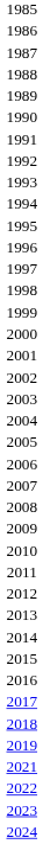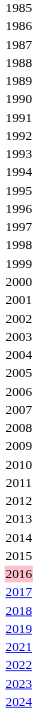 <table>
 <tr>
 <td align="center">1985</td>
 <td></td>
 <td></td>
 <td></td>
 </tr>
 <tr>
 <td align="center">1986</td>
 <td></td>
 <td></td>
 <td></td>
 </tr>
 <tr>
 <td align="center">1987</td>
 <td></td>
 <td></td>
 <td></td>
 </tr>
 <tr>
 <td align="center">1988</td>
 <td></td>
 <td></td>
 <td></td>
 </tr>
 <tr>
 <td align="center">1989</td>
 <td></td>
 <td></td>
 <td></td>
 </tr>
 <tr>
 <td align="center">1990</td>
 <td></td>
 <td></td>
 <td></td>
 </tr>
 <tr>
 <td align="center">1991</td>
 <td></td>
 <td></td>
 <td></td>
 </tr>
 <tr>
 <td align="center">1992</td>
 <td></td>
 <td></td>
 <td></td>
 </tr>
 <tr>
 <td align="center">1993</td>
 <td></td>
 <td></td>
 <td></td>
 </tr>
 <tr>
 <td align="center">1994</td>
 <td></td>
 <td></td>
 <td></td>
 </tr>
 <tr>
 <td align="center">1995</td>
 <td></td>
 <td></td>
 <td></td>
 </tr>
 <tr>
 <td align="center">1996</td>
 <td></td>
 <td></td>
 <td></td>
 </tr>
 <tr>
 <td align="center">1997</td>
 <td></td>
 <td></td>
 <td></td>
 </tr>
 <tr>
 <td align="center">1998</td>
 <td></td>
 <td></td>
 <td></td>
 </tr>
 <tr>
 <td align="center">1999</td>
 <td></td>
 <td></td>
 <td></td>
 </tr>
 <tr>
 <td align="center">2000</td>
 <td></td>
 <td></td>
 <td></td>
 </tr>
 <tr>
 <td align="center">2001</td>
 <td></td>
 <td></td>
 <td></td>
 </tr>
 <tr>
 <td align="center">2002</td>
 <td></td>
 <td></td>
 <td></td>
 </tr>
 <tr>
 <td align="center">2003</td>
 <td></td>
 <td></td>
 <td></td>
 </tr>
 <tr>
 <td align="center">2004</td>
 <td></td>
 <td></td>
 <td></td>
 </tr>
 <tr>
 <td align="center">2005</td>
 <td></td>
 <td></td>
 <td></td>
 </tr>
 <tr>
 <td align="center">2006</td>
 <td></td>
 <td></td>
 <td></td>
 </tr>
 <tr>
 <td align="center">2007</td>
 <td></td>
 <td></td>
 <td></td>
 </tr>
 <tr>
 <td align="center">2008</td>
 <td></td>
 <td></td>
 <td></td>
 </tr>
 <tr>
 <td align="center">2009</td>
 <td></td>
 <td></td>
 <td></td>
 </tr>
 <tr>
 <td align="center">2010</td>
 <td></td>
 <td></td>
 <td></td>
 </tr>
 <tr>
 <td align="center">2011</td>
 <td></td>
 <td></td>
 <td></td>
 </tr>
 <tr>
 <td align="center">2012</td>
 <td></td>
 <td></td>
 <td></td>
 </tr>
 <tr>
 <td align="center">2013</td>
 <td></td>
 <td></td>
 <td></td>
 </tr>
 <tr>
 <td align="center">2014</td>
 <td></td>
 <td></td>
 <td></td>
 </tr>
 <tr>
 <td align="center">2015</td>
 <td></td>
 <td></td>
 <td></td>
 </tr>
 <tr>
-<td align="center">2016</td>
+<td align="center" style="background: pink;">2016</td>
 <td></td>
 <td></td>
 <td></td>
 </tr>
 <tr>
 <td align="center"><a href='#'>2017</a></td>
 <td></td>
 <td></td>
 <td></td>
 </tr>
 <tr>
 <td align="center"><a href='#'>2018</a></td>
 <td></td>
 <td></td>
 <td></td>
 </tr>
 <tr>
 <td align="center"><a href='#'>2019</a></td>
 <td></td>
 <td></td>
 <td></td>
 </tr>
 <tr>
 <td align="center"><a href='#'>2021</a></td>
 <td></td>
 <td></td>
 <td></td>
 </tr>
 <tr>
 <td align="center"><a href='#'>2022</a></td>
 <td></td>
 <td></td>
 <td></td>
 </tr>
 <tr>
 <td align="center"><a href='#'>2023</a></td>
 <td></td>
 <td></td>
 <td></td>
 </tr>
 <tr>
 <td align="center"><a href='#'>2024</a></td>
 <td></td>
 <td></td>
 <td></td>
 </tr>
 </table>
